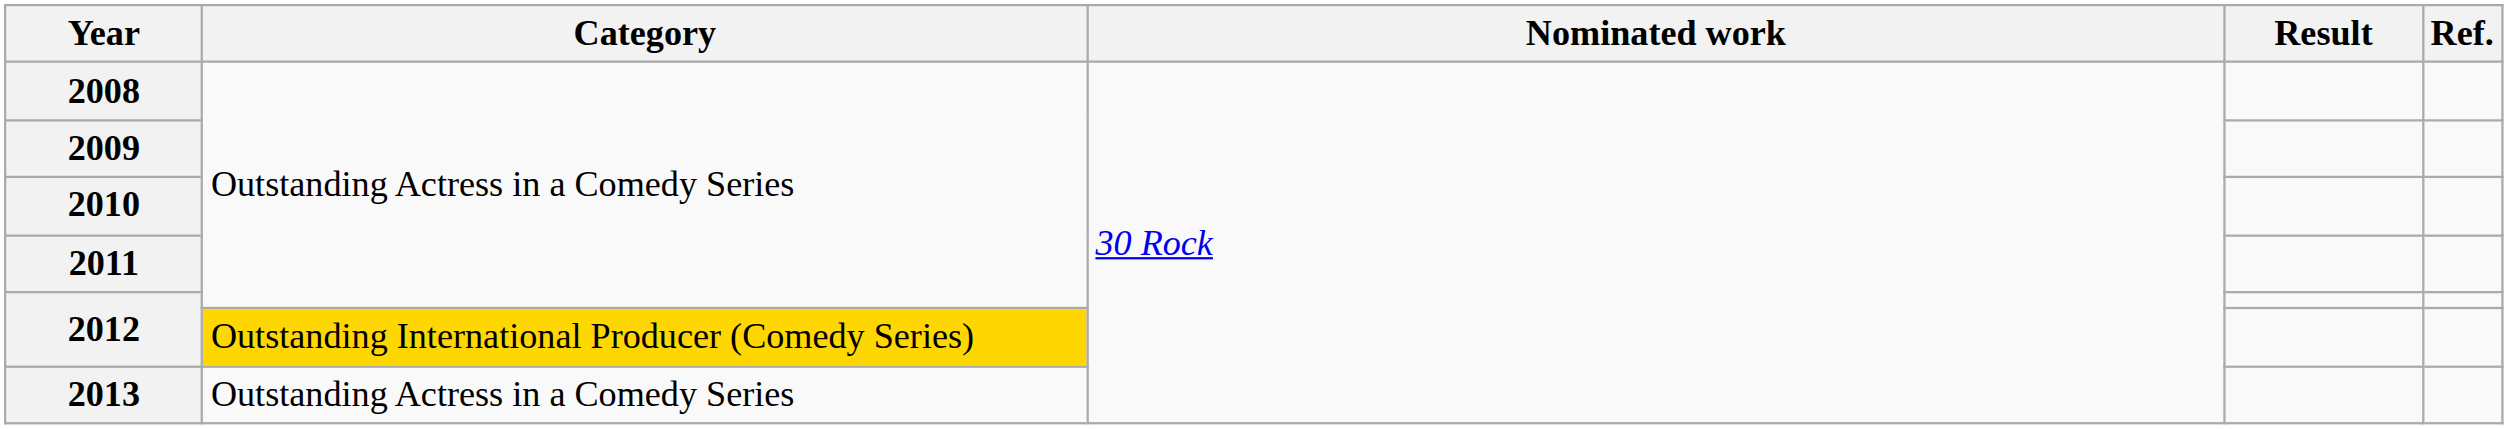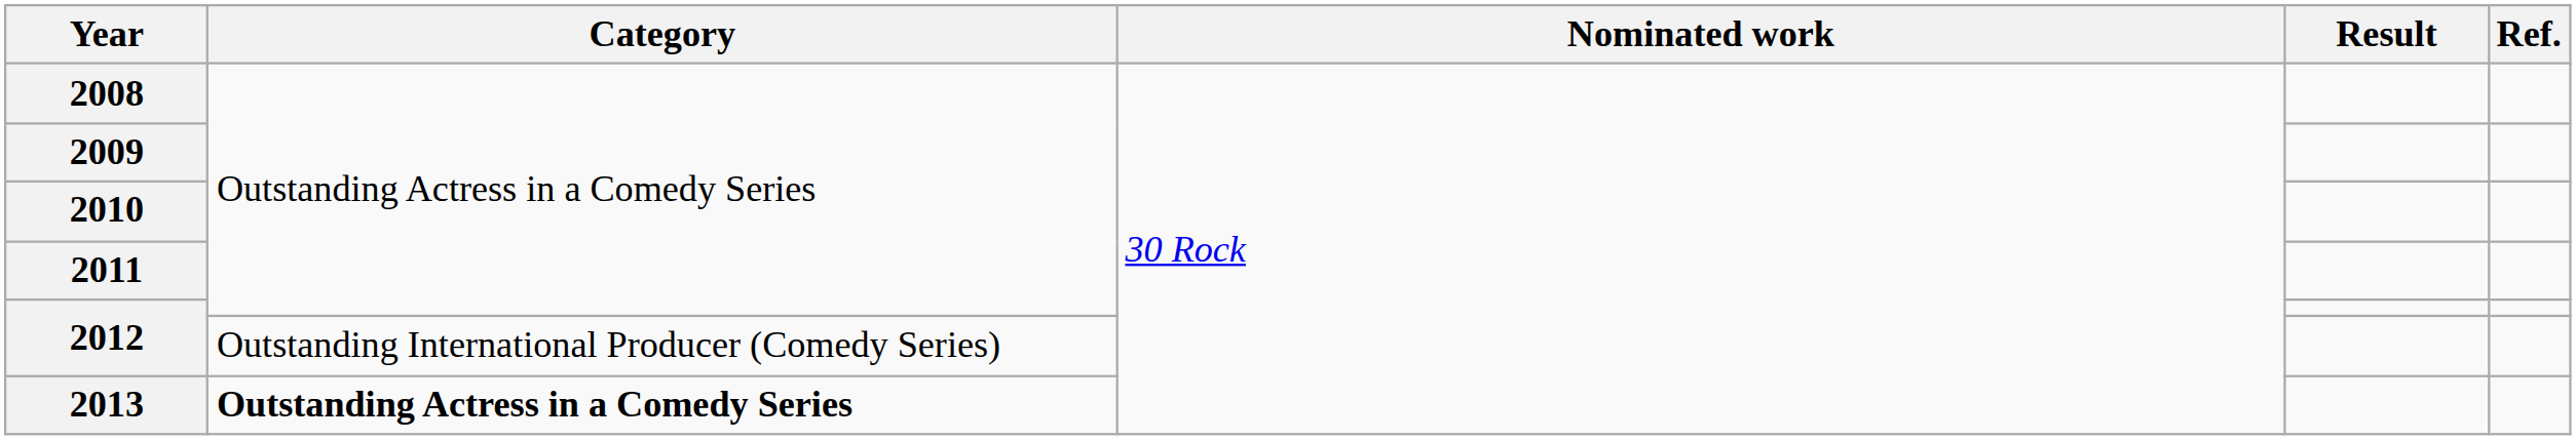 <table class=wikitable>
 <tr>
 <th scope="col" style="width:5em;">Year</th>
 <th scope="col" style="width:24em;">Category</th>
 <th scope="col" style="width:31em;">Nominated work</th>
 <th scope="col" style="width:5em;">Result</th>
 <th>Ref.</th>
 </tr>
 <tr>
 <th row=scope style="text-align:center;">2008</th>
 <td rowspan="5">Outstanding Actress in a Comedy Series</td>
 <td rowspan="7"><em><a href='#'>30 Rock</a></em></td>
 <td></td>
 <td style="text-align:center;"></td>
 </tr>
 <tr>
 <th row=scope style="text-align:center;">2009</th>
 <td></td>
 <td style="text-align:center;"></td>
 </tr>
 <tr>
 <th row=scope style="text-align:center;">2010</th>
 <td></td>
 <td style="text-align:center;"></td>
 </tr>
 <tr>
 <th row=scope style="text-align:center;">2011</th>
 <td></td>
 <td style="text-align:center;"></td>
 </tr>
 <tr>
 <th row=scope style="text-align:center;", rowspan="2">2012</th>
 <td></td>
 <td style="text-align:center;"></td>
 </tr>
 <tr>
-<td style="background: gold;">Outstanding International Producer (Comedy Series)</td>
+<td>Outstanding International Producer (Comedy Series)</td>
 <td></td>
 <td style="text-align:center;"></td>
 </tr>
 <tr>
 <th row=scope style="text-align:center;">2013</th>
-<td>Outstanding Actress in a Comedy Series</td>
+<td><strong>Outstanding Actress in a Comedy Series</strong></td>
 <td></td>
 <td style="text-align:center;"></td>
 </tr>
 </table>
